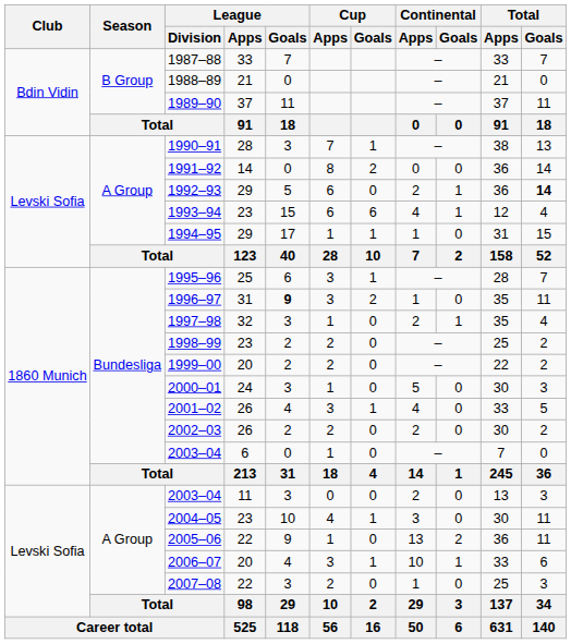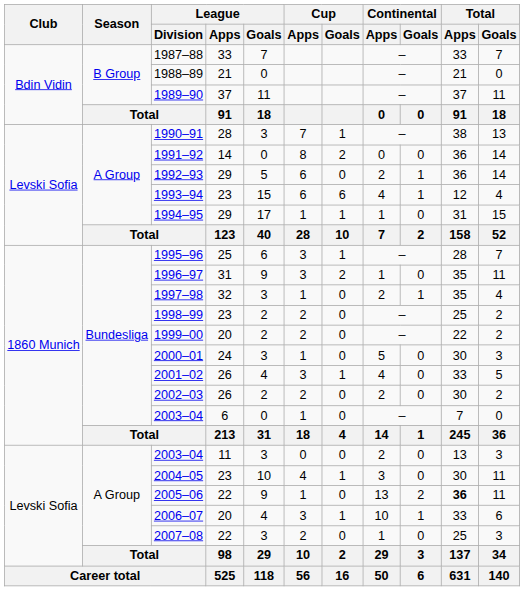 <table class="wikitable" style="text-align:center">
 <tr>
 <th rowspan="2">Club</th>
 <th rowspan="2">Season</th>
 <th colspan="3">League</th>
 <th colspan="2">Cup</th>
 <th colspan="2">Continental</th>
 <th colspan="2">Total</th>
 </tr>
 <tr>
 <th>Division</th>
 <th>Apps</th>
 <th>Goals</th>
 <th>Apps</th>
 <th>Goals</th>
 <th>Apps</th>
 <th>Goals</th>
 <th>Apps</th>
 <th>Goals</th>
 </tr>
 <tr>
 <td rowspan="4"><a href='#'>Bdin Vidin</a></td>
 <td rowspan="3"><a href='#'>B Group</a></td>
 <td>1987–88</td>
 <td>33</td>
 <td>7</td>
 <td></td>
 <td></td>
 <td colspan="2">–</td>
 <td>33</td>
 <td>7</td>
 </tr>
 <tr>
 <td>1988–89</td>
 <td>21</td>
 <td>0</td>
 <td></td>
 <td></td>
 <td colspan="2">–</td>
 <td>21</td>
 <td>0</td>
 </tr>
 <tr>
 <td><a href='#'>1989–90</a></td>
 <td>37</td>
 <td>11</td>
 <td></td>
 <td></td>
 <td colspan="2">–</td>
 <td>37</td>
 <td>11</td>
 </tr>
 <tr>
 <th colspan="2">Total</th>
 <th>91</th>
 <th>18</th>
 <th></th>
 <th></th>
 <th>0</th>
 <th>0</th>
 <th>91</th>
 <th>18</th>
 </tr>
 <tr>
 <td rowspan="6"><a href='#'>Levski Sofia</a></td>
 <td rowspan="5"><a href='#'>A Group</a></td>
 <td><a href='#'>1990–91</a></td>
 <td>28</td>
 <td>3</td>
 <td>7</td>
 <td>1</td>
 <td colspan="2">–</td>
 <td>38</td>
 <td>13</td>
 </tr>
 <tr>
 <td><a href='#'>1991–92</a></td>
 <td>14</td>
 <td>0</td>
 <td>8</td>
 <td>2</td>
 <td>0</td>
 <td>0</td>
 <td>36</td>
 <td>14</td>
 </tr>
 <tr>
 <td><a href='#'>1992–93</a></td>
 <td>29</td>
 <td>5</td>
 <td>6</td>
 <td>0</td>
 <td>2</td>
 <td>1</td>
 <td>36</td>
-<td><strong>14</strong></td>
+<td>14</td>
 </tr>
 <tr>
 <td><a href='#'>1993–94</a></td>
 <td>23</td>
 <td>15</td>
 <td>6</td>
 <td>6</td>
 <td>4</td>
 <td>1</td>
 <td>12</td>
 <td>4</td>
 </tr>
 <tr>
 <td><a href='#'>1994–95</a></td>
 <td>29</td>
 <td>17</td>
 <td>1</td>
 <td>1</td>
 <td>1</td>
 <td>0</td>
 <td>31</td>
 <td>15</td>
 </tr>
 <tr>
 <th colspan="2">Total</th>
 <th>123</th>
 <th>40</th>
 <th>28</th>
 <th>10</th>
 <th>7</th>
 <th>2</th>
 <th>158</th>
 <th>52</th>
 </tr>
 <tr>
 <td rowspan="10"><a href='#'>1860 Munich</a></td>
 <td rowspan="9"><a href='#'>Bundesliga</a></td>
 <td><a href='#'>1995–96</a></td>
 <td>25</td>
 <td>6</td>
 <td>3</td>
 <td>1</td>
 <td colspan="2">–</td>
 <td>28</td>
 <td>7</td>
 </tr>
 <tr>
 <td><a href='#'>1996–97</a></td>
 <td>31</td>
-<td><strong>9</strong></td>
+<td>9</td>
 <td>3</td>
 <td>2</td>
 <td>1</td>
 <td>0</td>
 <td>35</td>
 <td>11</td>
 </tr>
 <tr>
 <td><a href='#'>1997–98</a></td>
 <td>32</td>
 <td>3</td>
 <td>1</td>
 <td>0</td>
 <td>2</td>
 <td>1</td>
 <td>35</td>
 <td>4</td>
 </tr>
 <tr>
 <td><a href='#'>1998–99</a></td>
 <td>23</td>
 <td>2</td>
 <td>2</td>
 <td>0</td>
 <td colspan="2">–</td>
 <td>25</td>
 <td>2</td>
 </tr>
 <tr>
 <td><a href='#'>1999–00</a></td>
 <td>20</td>
 <td>2</td>
 <td>2</td>
 <td>0</td>
 <td colspan="2">–</td>
 <td>22</td>
 <td>2</td>
 </tr>
 <tr>
 <td><a href='#'>2000–01</a></td>
 <td>24</td>
 <td>3</td>
 <td>1</td>
 <td>0</td>
 <td>5</td>
 <td>0</td>
 <td>30</td>
 <td>3</td>
 </tr>
 <tr>
 <td><a href='#'>2001–02</a></td>
 <td>26</td>
 <td>4</td>
 <td>3</td>
 <td>1</td>
 <td>4</td>
 <td>0</td>
 <td>33</td>
 <td>5</td>
 </tr>
 <tr>
 <td><a href='#'>2002–03</a></td>
 <td>26</td>
 <td>2</td>
 <td>2</td>
 <td>0</td>
 <td>2</td>
 <td>0</td>
 <td>30</td>
 <td>2</td>
 </tr>
 <tr>
 <td><a href='#'>2003–04</a></td>
 <td>6</td>
 <td>0</td>
 <td>1</td>
 <td>0</td>
 <td colspan="2">–</td>
 <td>7</td>
 <td>0</td>
 </tr>
 <tr>
 <th colspan="2">Total</th>
 <th>213</th>
 <th>31</th>
 <th>18</th>
 <th>4</th>
 <th>14</th>
 <th>1</th>
 <th>245</th>
 <th>36</th>
 </tr>
 <tr>
 <td rowspan="6">Levski Sofia</td>
 <td rowspan="5">A Group</td>
 <td><a href='#'>2003–04</a></td>
 <td>11</td>
 <td>3</td>
 <td>0</td>
 <td>0</td>
 <td>2</td>
 <td>0</td>
 <td>13</td>
 <td>3</td>
 </tr>
 <tr>
 <td><a href='#'>2004–05</a></td>
 <td>23</td>
 <td>10</td>
 <td>4</td>
 <td>1</td>
 <td>3</td>
 <td>0</td>
 <td>30</td>
 <td>11</td>
 </tr>
 <tr>
 <td><a href='#'>2005–06</a></td>
 <td>22</td>
 <td>9</td>
 <td>1</td>
 <td>0</td>
 <td>13</td>
 <td>2</td>
-<td>36</td>
+<td><strong>36</strong></td>
 <td>11</td>
 </tr>
 <tr>
 <td><a href='#'>2006–07</a></td>
 <td>20</td>
 <td>4</td>
 <td>3</td>
 <td>1</td>
 <td>10</td>
 <td>1</td>
 <td>33</td>
 <td>6</td>
 </tr>
 <tr>
 <td><a href='#'>2007–08</a></td>
 <td>22</td>
 <td>3</td>
 <td>2</td>
 <td>0</td>
 <td>1</td>
 <td>0</td>
 <td>25</td>
 <td>3</td>
 </tr>
 <tr>
 <th colspan="2">Total</th>
 <th>98</th>
 <th>29</th>
 <th>10</th>
 <th>2</th>
 <th>29</th>
 <th>3</th>
 <th>137</th>
 <th>34</th>
 </tr>
 <tr>
 <th colspan="3">Career total</th>
 <th>525</th>
 <th>118</th>
 <th>56</th>
 <th>16</th>
 <th>50</th>
 <th>6</th>
 <th>631</th>
 <th>140</th>
 </tr>
 </table>
